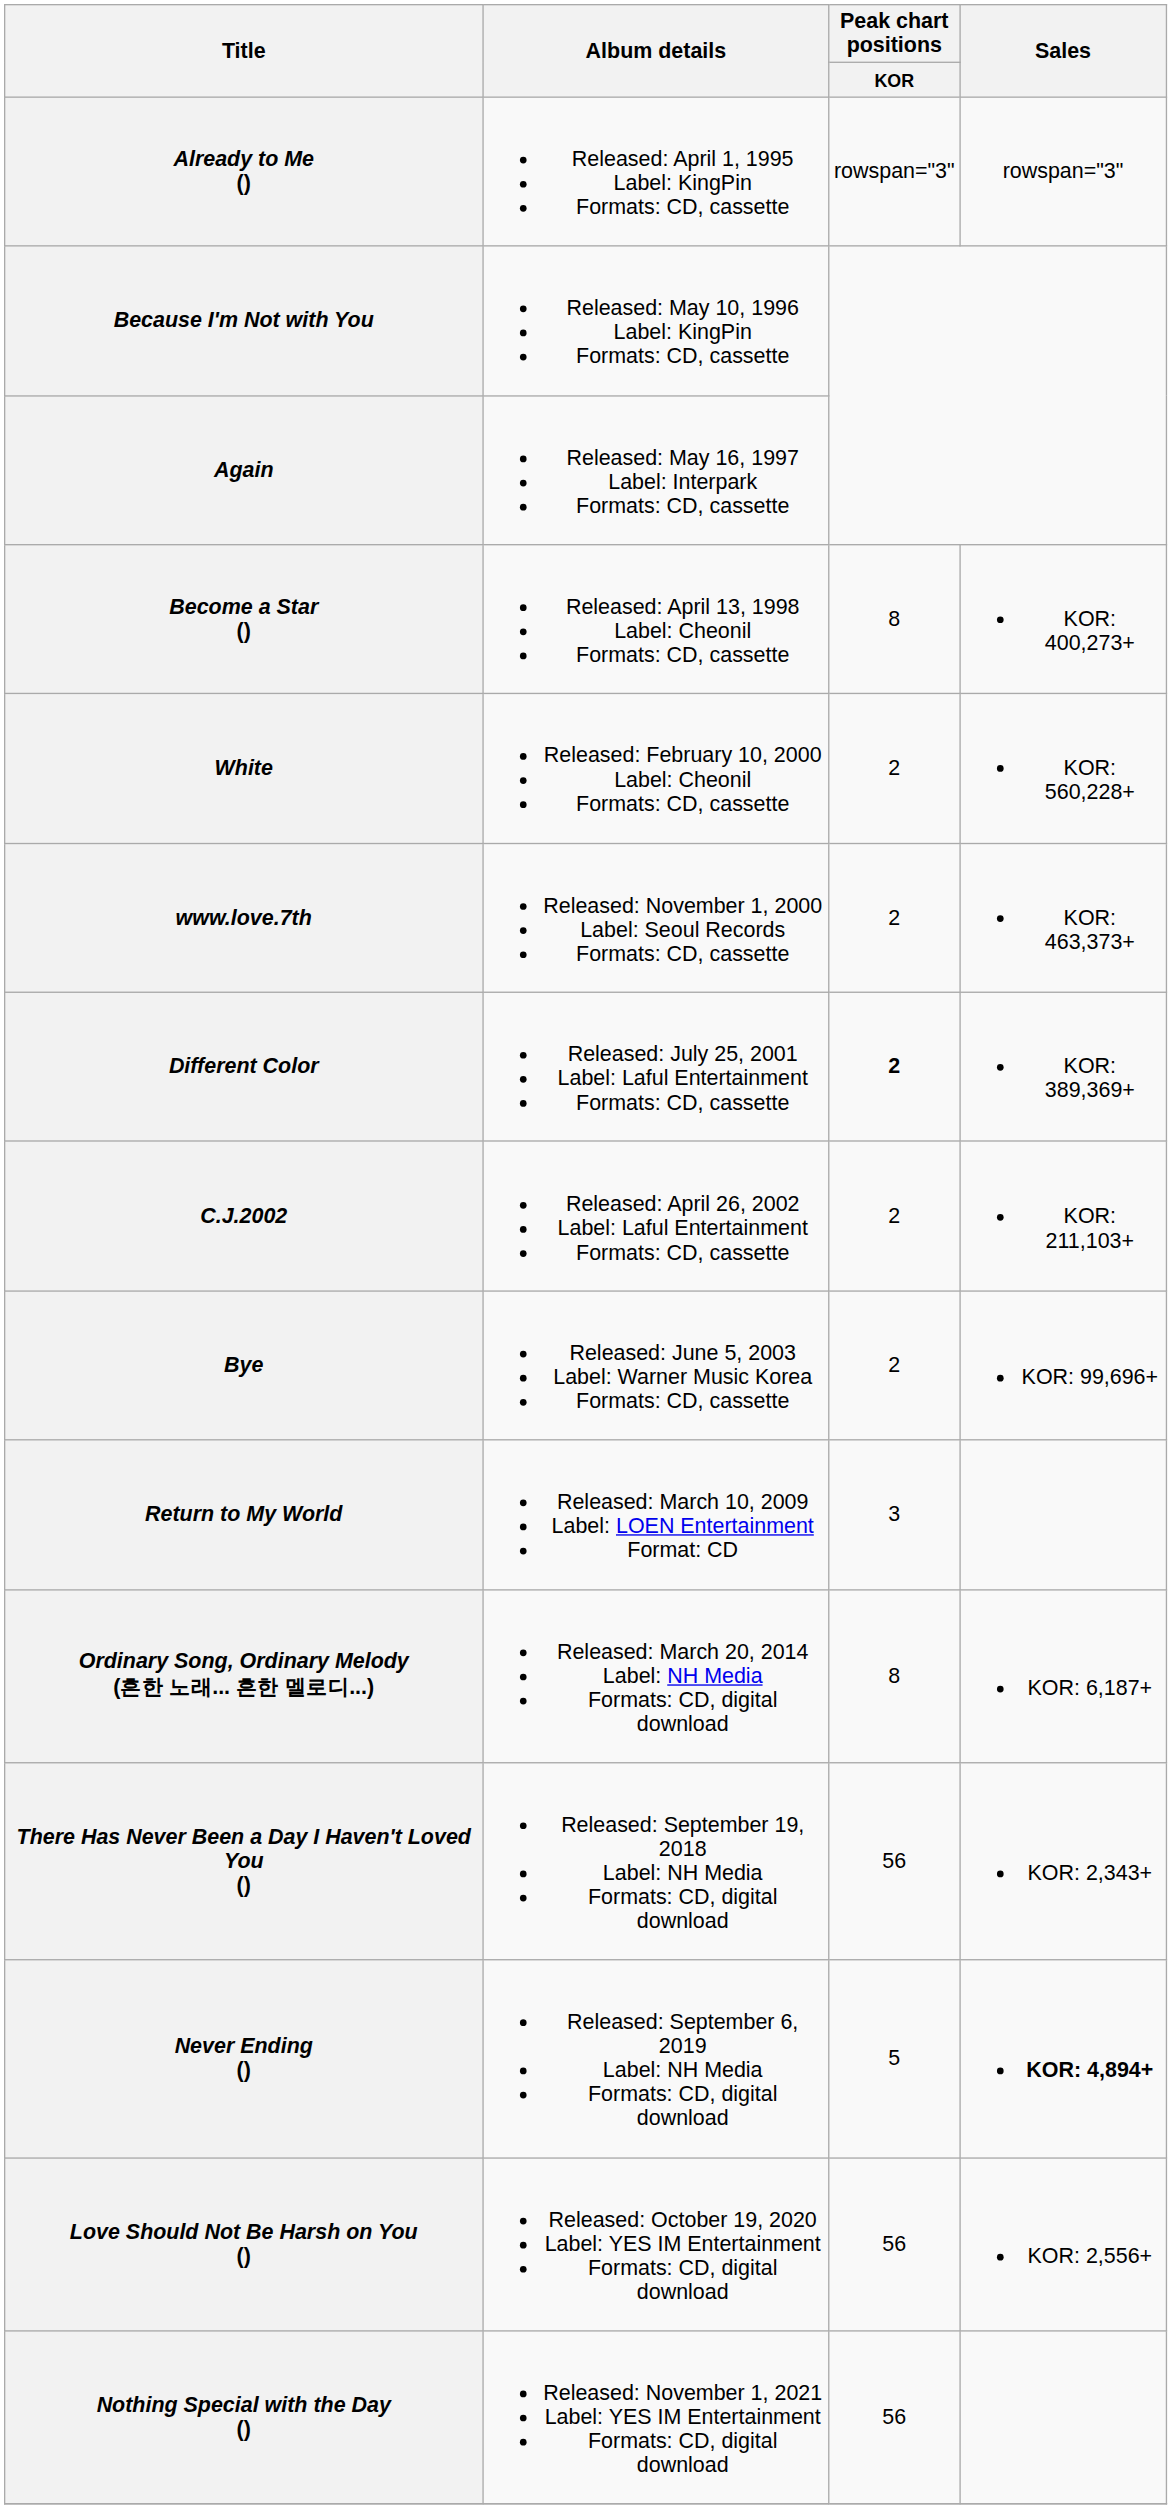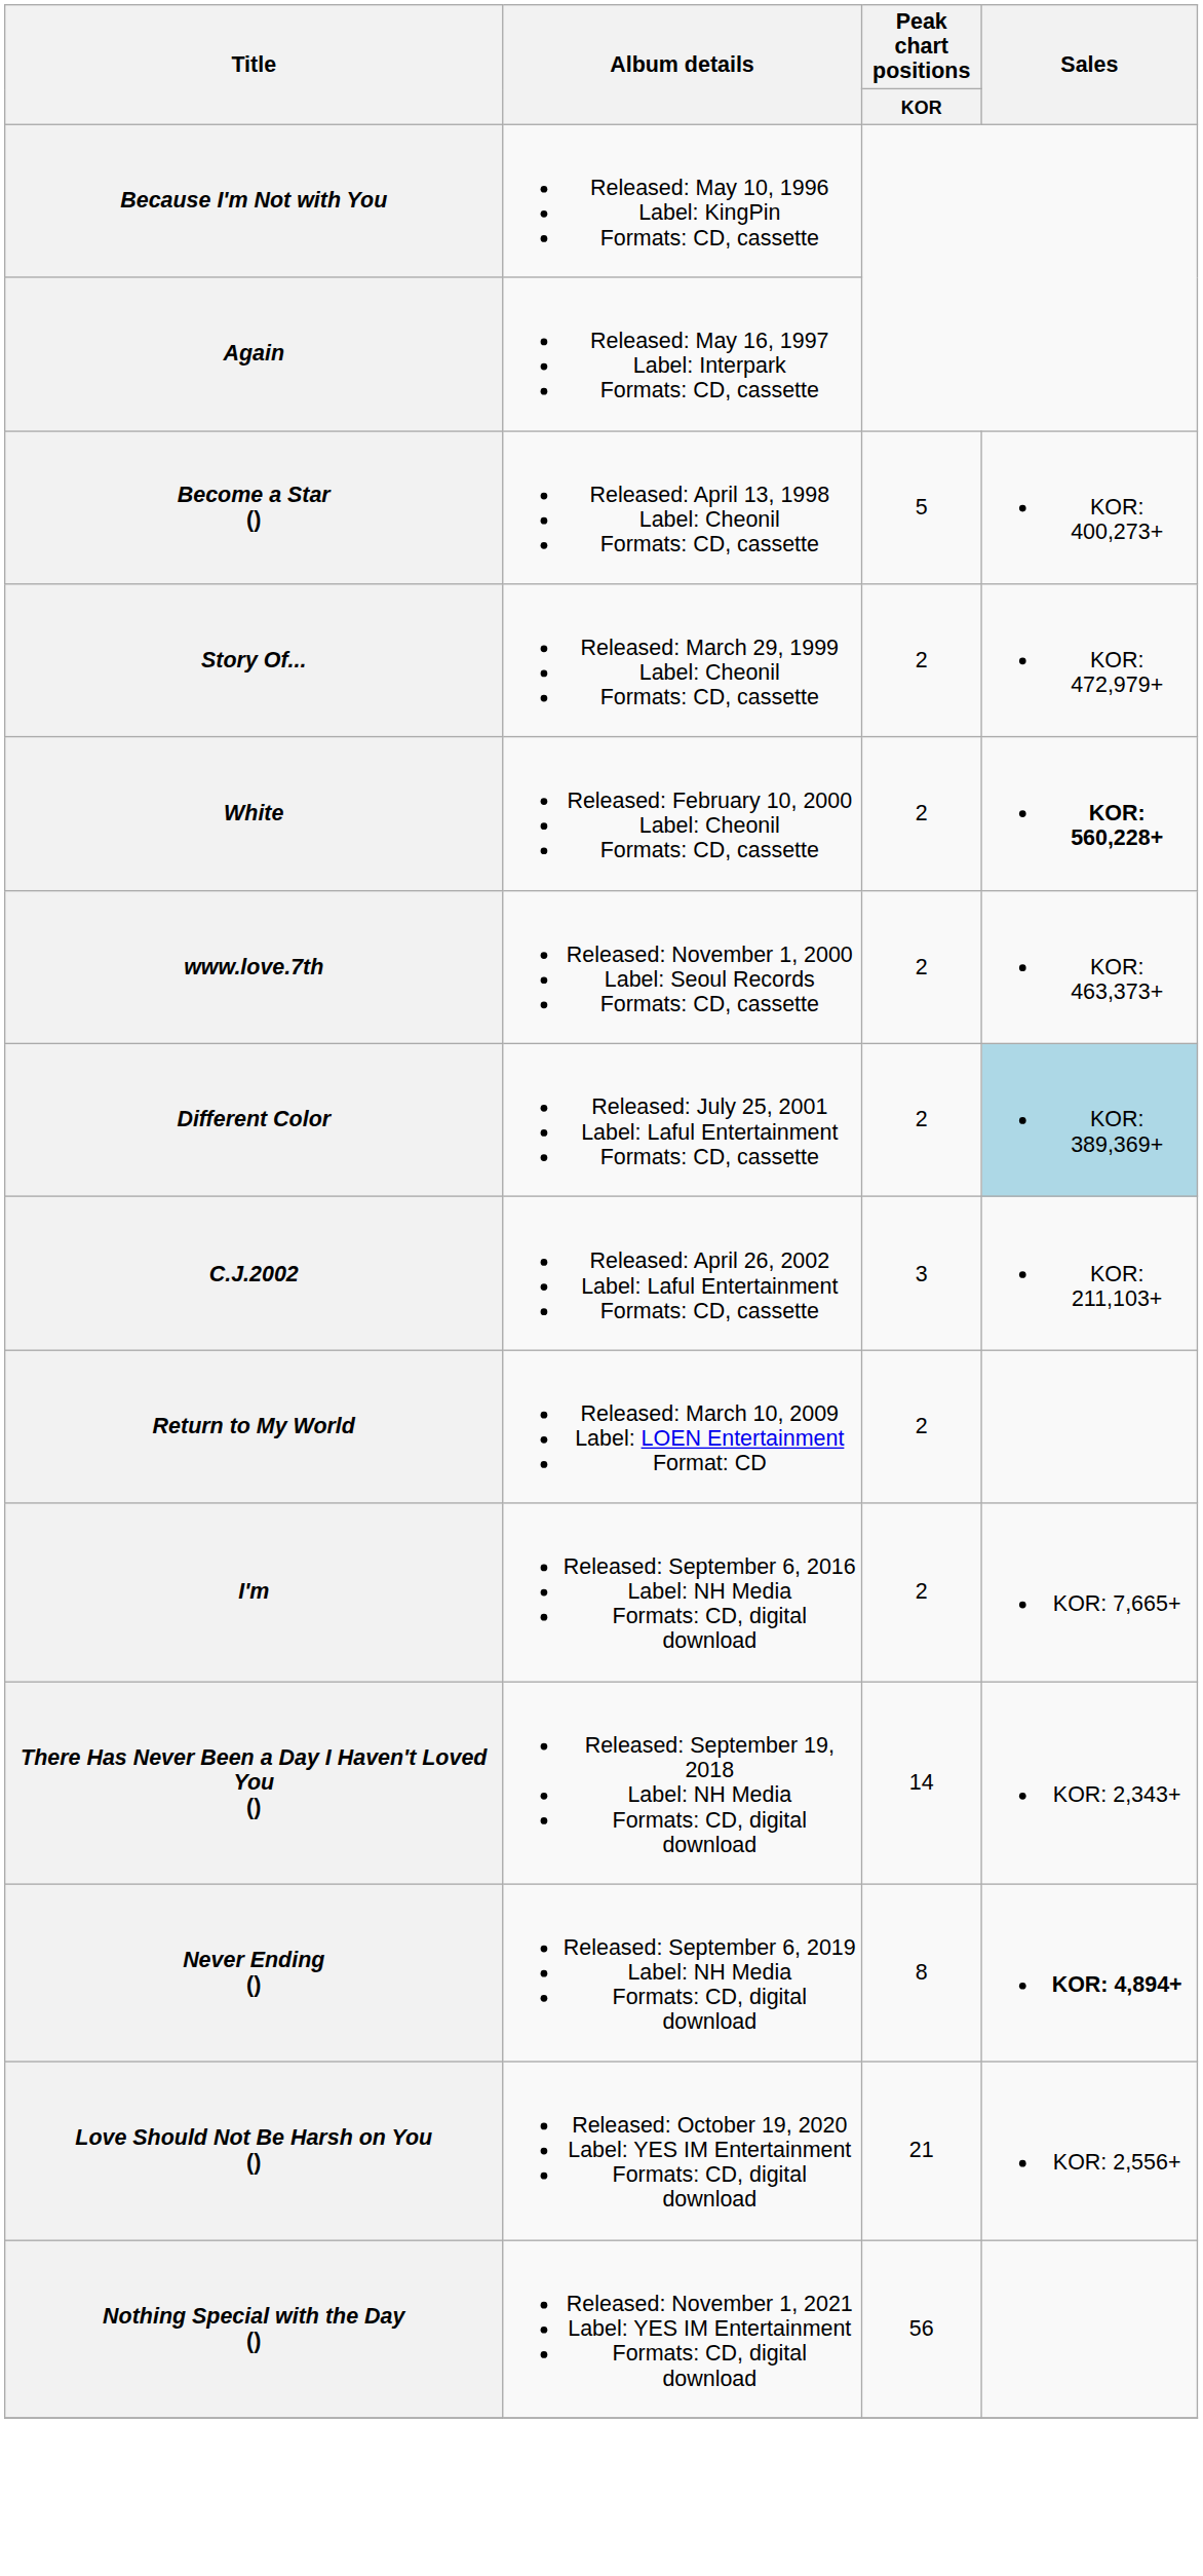 <table class="wikitable plainrowheaders" style="text-align:center;">
 <tr>
 <th scope="col" rowspan="2">Title</th>
 <th scope="col" rowspan="2">Album details</th>
 <th scope="col" colspan="1" style="width:5em;">Peak chart positions</th>
 <th scope="col" rowspan="2">Sales</th>
 </tr>
 <tr>
 <th><small>KOR</small><br></th>
-</tr>
-<tr>
-<th scope="row"><em>Already to Me</em><br>()</th>
-<td><br><ul><li>Released: April 1, 1995</li><li>Label: KingPin</li><li>Formats: CD, cassette</li></ul></td>
-<td>rowspan="3" </td>
-<td>rowspan="3" </td>
 </tr>
 <tr>
 <th scope="row"><em>Because I'm Not with You</em></th>
 <td><br><ul><li>Released: May 10, 1996</li><li>Label: KingPin</li><li>Formats: CD, cassette</li></ul></td>
 </tr>
 <tr>
 <th scope="row"><em>Again</em></th>
 <td><br><ul><li>Released: May 16, 1997</li><li>Label: Interpark</li><li>Formats: CD, cassette</li></ul></td>
 </tr>
 <tr>
 <th scope="row"><em>Become a Star</em><br>()</th>
 <td><br><ul><li>Released: April 13, 1998</li><li>Label: Cheonil</li><li>Formats: CD, cassette</li></ul></td>
-<td>8</td>
+<td>5</td>
 <td><br><ul><li>KOR: 400,273+</li></ul></td>
+</tr>
+<tr>
+<th scope="row"><em>Story Of...</em></th>
+<td><br><ul><li>Released: March 29, 1999</li><li>Label: Cheonil</li><li>Formats: CD, cassette</li></ul></td>
+<td>2</td>
+<td><br><ul><li>KOR: 472,979+</li></ul></td>
 </tr>
 <tr>
 <th scope="row"><em>White</em></th>
 <td><br><ul><li>Released: February 10, 2000</li><li>Label: Cheonil</li><li>Formats: CD, cassette</li></ul></td>
 <td>2</td>
-<td><br><ul><li>KOR: 560,228+</li></ul></td>
+<td><strong><br><ul><li>KOR: 560,228+</li></ul></strong></td>
 </tr>
 <tr>
 <th scope="row"><em>www.love.7th</em></th>
 <td><br><ul><li>Released: November 1, 2000</li><li>Label: Seoul Records</li><li>Formats: CD, cassette</li></ul></td>
 <td>2</td>
 <td><br><ul><li>KOR: 463,373+</li></ul></td>
 </tr>
 <tr>
 <th scope="row"><em>Different Color</em></th>
 <td><br><ul><li>Released: July 25, 2001</li><li>Label: Laful Entertainment</li><li>Formats: CD, cassette</li></ul></td>
-<td><strong>2</strong></td>
-<td><br><ul><li>KOR: 389,369+</li></ul></td>
+<td>2</td>
+<td style="background: lightblue;"><br><ul><li>KOR: 389,369+</li></ul></td>
 </tr>
 <tr>
 <th scope="row"><em>C.J.2002</em></th>
 <td><br><ul><li>Released: April 26, 2002</li><li>Label: Laful Entertainment</li><li>Formats: CD, cassette</li></ul></td>
-<td>2</td>
+<td>3</td>
 <td><br><ul><li>KOR: 211,103+</li></ul></td>
-</tr>
-<tr>
-<th scope="row"><em>Bye</em></th>
-<td><br><ul><li>Released: June 5, 2003</li><li>Label: Warner Music Korea</li><li>Formats: CD, cassette</li></ul></td>
-<td>2</td>
-<td><br><ul><li>KOR: 99,696+</li></ul></td>
 </tr>
 <tr>
 <th scope="row"><em>Return to My World</em></th>
 <td><br><ul><li>Released: March 10, 2009</li><li>Label: <a href='#'>LOEN Entertainment</a></li><li>Format: CD</li></ul></td>
-<td>3</td>
+<td>2</td>
 <td></td>
 </tr>
 <tr>
-<th scope="row"><em>Ordinary Song, Ordinary Melody</em><br>(흔한 노래... 흔한 멜로디...)</th>
-<td><br><ul><li>Released: March 20, 2014</li><li>Label: <a href='#'>NH Media</a></li><li>Formats: CD, digital download</li></ul></td>
-<td>8</td>
-<td><br><ul><li>KOR: 6,187+</li></ul></td>
+<th scope="row"><em>I'm</em></th>
+<td><br><ul><li>Released: September 6, 2016</li><li>Label: NH Media</li><li>Formats: CD, digital download</li></ul></td>
+<td>2</td>
+<td><br><ul><li>KOR: 7,665+</li></ul></td>
 </tr>
 <tr>
 <th scope="row"><em>There Has Never Been a Day I Haven't Loved You</em><br>()</th>
 <td><br><ul><li>Released: September 19, 2018</li><li>Label: NH Media</li><li>Formats: CD, digital download</li></ul></td>
-<td>56</td>
+<td>14</td>
 <td><br><ul><li>KOR: 2,343+</li></ul></td>
 </tr>
 <tr>
 <th scope="row"><em>Never Ending</em><br>()</th>
 <td><br><ul><li>Released: September 6, 2019</li><li>Label: NH Media</li><li>Formats: CD, digital download</li></ul></td>
-<td>5</td>
+<td>8</td>
 <td><strong><br><ul><li>KOR: 4,894+</li></ul></strong></td>
 </tr>
 <tr>
 <th scope="row"><em>Love Should Not Be Harsh on You</em><br>()</th>
 <td><br><ul><li>Released: October 19, 2020</li><li>Label: YES IM Entertainment</li><li>Formats: CD, digital download</li></ul></td>
-<td>56</td>
+<td>21</td>
 <td><br><ul><li>KOR: 2,556+</li></ul></td>
 </tr>
 <tr>
 <th scope="row"><em>Nothing Special with the Day</em><br>()</th>
 <td><br><ul><li>Released: November 1, 2021</li><li>Label: YES IM Entertainment</li><li>Formats: CD, digital download</li></ul></td>
 <td>56</td>
 <td></td>
 </tr>
 <tr>
 </tr>
 </table>
